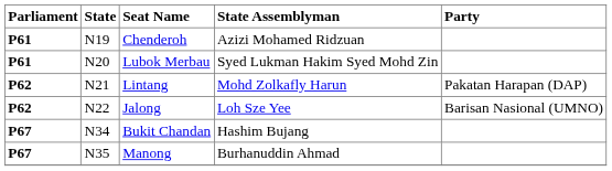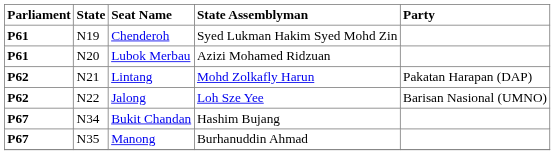 <table class="toccolours sortable" border="1" cellpadding="3" style="border-collapse:collapse; text-align: left;">
 <tr>
 <th align="center">Parliament</th>
 <th>State</th>
 <th>Seat Name</th>
 <th>State Assemblyman</th>
 <th>Party</th>
 </tr>
 <tr>
 <th align="left">P61</th>
 <td>N19</td>
 <td><a href='#'>Chenderoh</a></td>
-<td>Azizi Mohamed Ridzuan</td>
+<td>Syed Lukman Hakim Syed Mohd Zin</td>
 <td></td>
 </tr>
 <tr>
 <th align="left">P61</th>
 <td>N20</td>
 <td><a href='#'>Lubok Merbau</a></td>
-<td>Syed Lukman Hakim Syed Mohd Zin</td>
+<td>Azizi Mohamed Ridzuan</td>
 <td></td>
 </tr>
 <tr>
 <th align="left">P62</th>
 <td>N21</td>
 <td><a href='#'>Lintang</a></td>
 <td><a href='#'>Mohd Zolkafly Harun</a></td>
 <td>Pakatan Harapan (DAP)</td>
 </tr>
 <tr>
 <th align="left">P62</th>
 <td>N22</td>
 <td><a href='#'>Jalong</a></td>
 <td><a href='#'>Loh Sze Yee</a></td>
 <td>Barisan Nasional (UMNO)</td>
 </tr>
 <tr>
 <th align="left">P67</th>
 <td>N34</td>
 <td><a href='#'>Bukit Chandan</a></td>
 <td>Hashim Bujang</td>
 <td></td>
 </tr>
 <tr>
 <th align="left">P67</th>
 <td>N35</td>
 <td><a href='#'>Manong</a></td>
 <td>Burhanuddin Ahmad</td>
 <td></td>
 </tr>
 <tr>
 </tr>
 </table>
